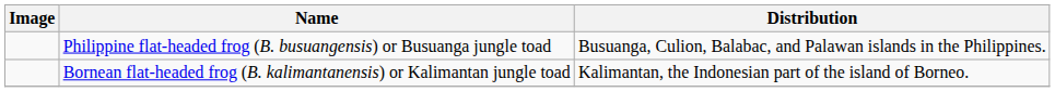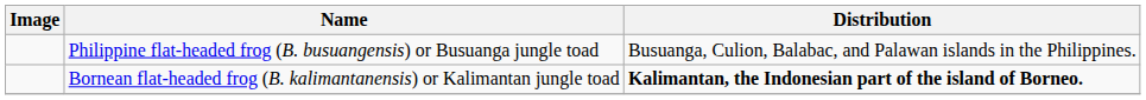 <table class="wikitable">
 <tr>
 <th>Image</th>
 <th>Name</th>
 <th>Distribution</th>
 </tr>
 <tr>
 <td></td>
 <td><a href='#'>Philippine flat-headed frog</a> (<em>B. busuangensis</em>) or Busuanga jungle toad</td>
 <td>Busuanga, Culion, Balabac, and Palawan islands in the Philippines.</td>
 </tr>
 <tr>
 <td></td>
 <td><a href='#'>Bornean flat-headed frog</a> (<em>B. kalimantanensis</em>) or Kalimantan jungle toad</td>
-<td>Kalimantan, the Indonesian part of the island of Borneo.</td>
+<td><strong>Kalimantan, the Indonesian part of the island of Borneo.</strong></td>
 </tr>
 <tr>
 </tr>
 </table>
